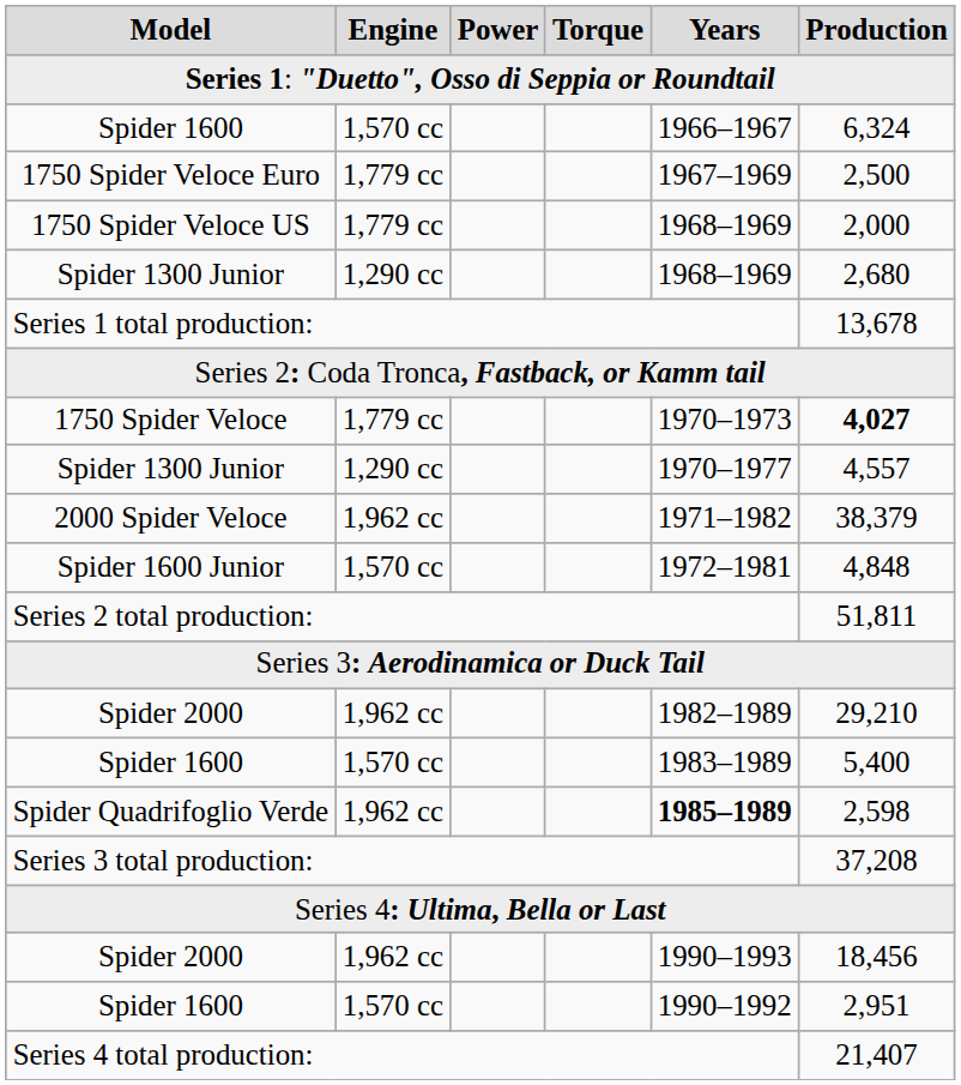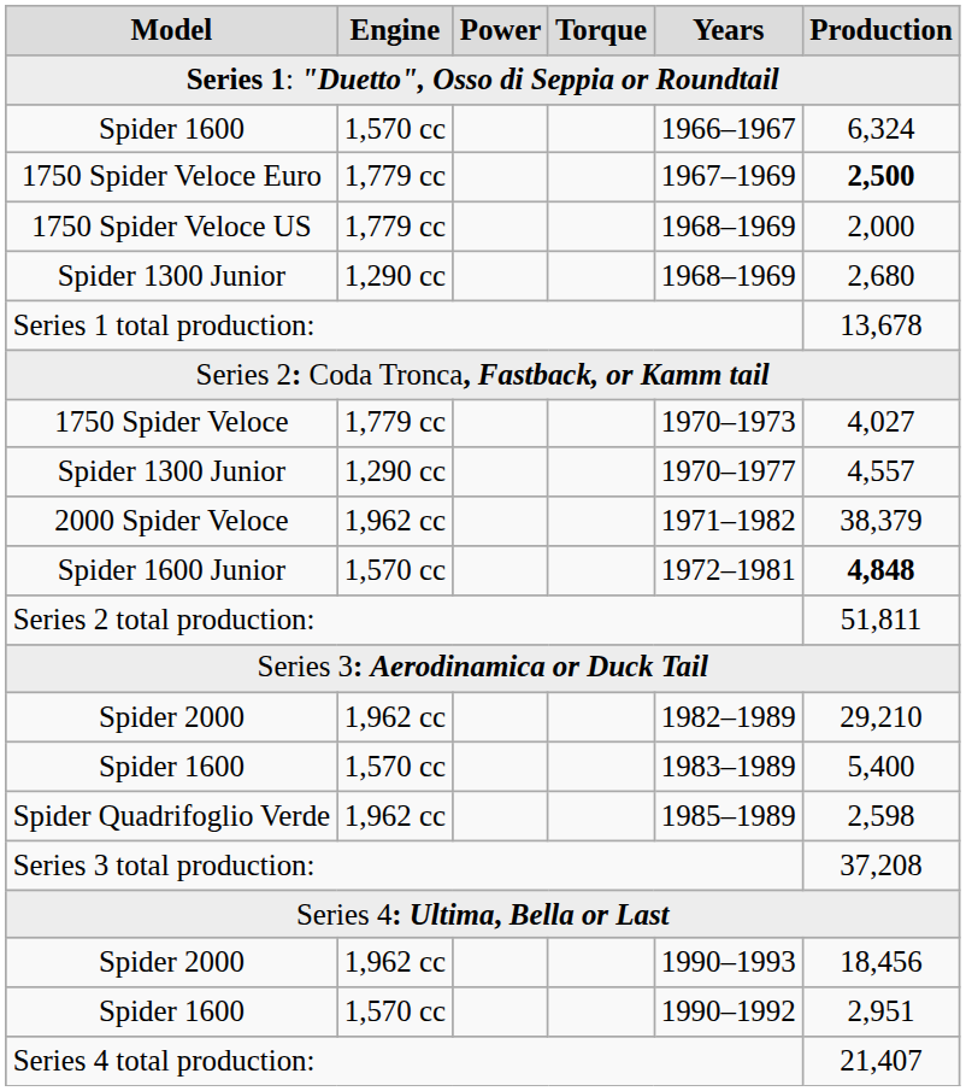 <table class="wikitable" style="text-align:center; font-size:91%;">
 <tr>
 <th style="text-align:center; background-color:#dcdcdc; vertical-align:middle;">Model</th>
 <th style="text-align:center; background-color:#dcdcdc; vertical-align:middle;">Engine</th>
 <th style="text-align:center; background-color:#dcdcdc; vertical-align:middle;">Power</th>
 <th style="text-align:center; background-color:#dcdcdc; vertical-align:middle;">Torque</th>
 <th style="text-align:center; background-color:#dcdcdc; vertical-align:middle;">Years</th>
 <th style="text-align:center; background-color:#dcdcdc; vertical-align:middle;">Production</th>
 </tr>
 <tr>
 <td colspan=6 style="background-color:#ededed;"><strong>Series 1</strong>: <strong><em>"Duetto"<strong>, </strong>Osso di Seppia<strong> or <em>Roundtail</em></strong></td>
 </tr>
 <tr>
 <td></strong>Spider 1600<strong></td>
 <td>1,570 cc</td>
 <td></td>
 <td></td>
 <td>1966–1967</td>
 <td>6,324</td>
 </tr>
 <tr>
 <td></strong>1750 Spider Veloce Euro<strong></td>
 <td>1,779 cc</td>
 <td></td>
 <td></td>
 <td>1967–1969</td>
-<td>2,500</td>
+<td><strong>2,500</strong></td>
 </tr>
 <tr>
 <td></strong>1750 Spider Veloce US<strong></td>
 <td>1,779 cc</td>
 <td></td>
 <td></td>
 <td>1968–1969</td>
 <td>2,000</td>
 </tr>
 <tr>
 <td></strong>Spider 1300 Junior<strong></td>
 <td>1,290 cc</td>
 <td></td>
 <td></td>
 <td>1968–1969</td>
 <td>2,680</td>
 </tr>
 <tr>
 <td colspan=5 style="text-align:left;">Series 1 total production:</td>
 <td>13,678</td>
 </tr>
 <tr>
 <td colspan=6 style="background-color:#ededed;"></strong>Series 2<strong>:  </strong>Coda Tronca<strong>, <strong><em>Fastback</strong>, or <strong>Kamm tail</em></strong></td>
 </tr>
 <tr>
 <td></strong>1750 Spider Veloce<strong></td>
 <td>1,779 cc</td>
 <td></td>
 <td></td>
 <td>1970–1973</td>
-<td><strong>4,027</strong></td>
+<td>4,027</td>
 </tr>
 <tr>
 <td></strong>Spider 1300 Junior<strong></td>
 <td>1,290 cc</td>
 <td></td>
 <td></td>
 <td>1970–1977</td>
 <td>4,557</td>
 </tr>
 <tr>
 <td></strong>2000 Spider Veloce<strong></td>
 <td>1,962 cc</td>
 <td></td>
 <td></td>
 <td>1971–1982</td>
 <td>38,379</td>
 </tr>
 <tr>
 <td></strong>Spider 1600 Junior<strong></td>
 <td>1,570 cc</td>
 <td></td>
 <td></td>
 <td>1972–1981</td>
-<td>4,848</td>
+<td><strong>4,848</strong></td>
 </tr>
 <tr>
 <td colspan=5 style="text-align:left;">Series 2 total production:</td>
 <td>51,811</td>
 </tr>
 <tr>
 <td colspan=6 style="background-color:#ededed;"></strong>Series 3<strong>: <strong><em>Aerodinamica</strong> or <strong>Duck Tail</em></strong></td>
 </tr>
 <tr>
 <td></strong>Spider 2000<strong></td>
 <td>1,962 cc</td>
 <td></td>
 <td></td>
 <td>1982–1989</td>
 <td>29,210</td>
 </tr>
 <tr>
 <td></strong>Spider 1600<strong></td>
 <td>1,570 cc</td>
 <td></td>
 <td></td>
 <td>1983–1989</td>
 <td>5,400</td>
 </tr>
 <tr>
 <td></strong>Spider Quadrifoglio Verde<strong></td>
 <td>1,962 cc</td>
 <td></td>
 <td></td>
-<td><strong>1985–1989</strong></td>
+<td>1985–1989</td>
 <td>2,598</td>
 </tr>
 <tr>
 <td colspan=5 style="text-align:left;">Series 3 total production:</td>
 <td>37,208</td>
 </tr>
 <tr>
 <td colspan=6 style="background-color:#ededed;"></strong>Series 4<strong>: <strong><em>Ultima</em></strong>, <strong><em>Bella</strong> or <strong>Last</em></strong></td>
 </tr>
 <tr>
 <td></strong>Spider 2000<strong></td>
 <td>1,962 cc</td>
 <td></td>
 <td></td>
 <td>1990–1993</td>
 <td>18,456</td>
 </tr>
 <tr>
 <td></strong>Spider 1600<strong></td>
 <td>1,570 cc</td>
 <td></td>
 <td></td>
 <td>1990–1992</td>
 <td>2,951</td>
 </tr>
 <tr>
 <td colspan=5 style="text-align:left;">Series 4 total production:</td>
 <td>21,407</td>
 </tr>
 </table>
